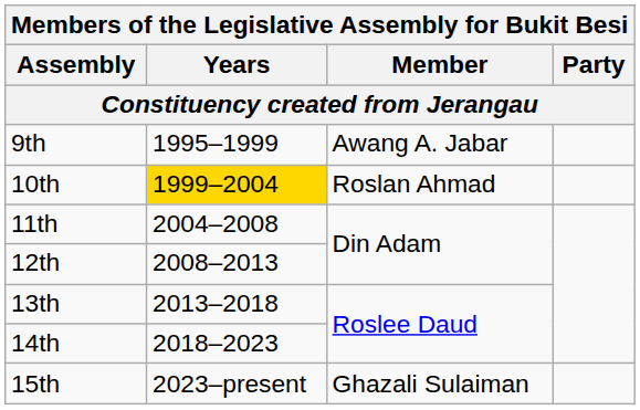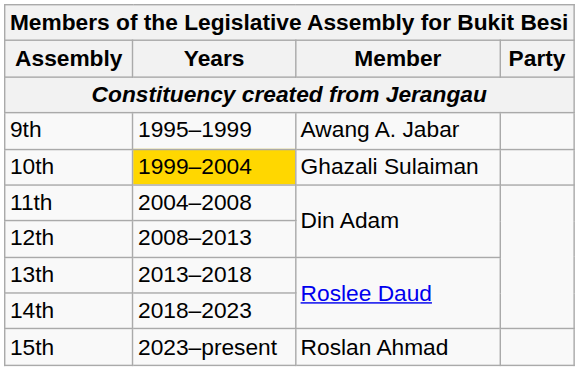 <table class="wikitable">
 <tr>
 <th colspan="4">Members of the Legislative Assembly for Bukit Besi</th>
 </tr>
 <tr>
 <th>Assembly</th>
 <th>Years</th>
 <th>Member</th>
 <th>Party</th>
 </tr>
 <tr>
 <th colspan="4" align="center"><em>Constituency created from Jerangau</em></th>
 </tr>
 <tr>
 <td>9th</td>
 <td>1995–1999</td>
 <td>Awang A. Jabar</td>
 <td></td>
 </tr>
 <tr>
 <td>10th</td>
 <td style="background: gold;">1999–2004</td>
-<td>Roslan Ahmad</td>
+<td>Ghazali Sulaiman</td>
 <td></td>
 </tr>
 <tr>
 <td>11th</td>
 <td>2004–2008</td>
 <td rowspan="2">Din Adam</td>
 <td rowspan="4"></td>
 </tr>
 <tr>
 <td>12th</td>
 <td>2008–2013</td>
 </tr>
 <tr>
 <td>13th</td>
 <td>2013–2018</td>
 <td rowspan="2"><a href='#'>Roslee Daud</a></td>
 </tr>
 <tr>
 <td>14th</td>
 <td>2018–2023</td>
 </tr>
 <tr>
 <td>15th</td>
 <td>2023–present</td>
-<td>Ghazali Sulaiman</td>
+<td>Roslan Ahmad</td>
 <td></td>
 </tr>
 </table>
